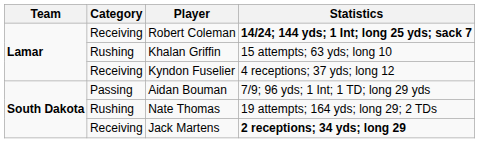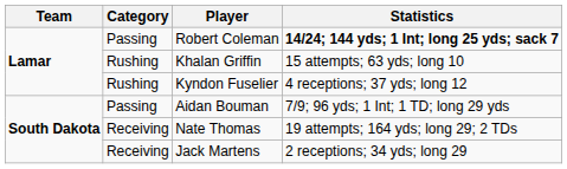 <table class="wikitable" style="float: right;">
 <tr>
 <th>Team</th>
 <th>Category</th>
 <th>Player</th>
 <th>Statistics</th>
 </tr>
 <tr>
 <td rowspan=3><strong>Lamar</strong></td>
-<td>Receiving</td>
+<td>Passing</td>
 <td>Robert Coleman</td>
 <td><strong>14/24; 144 yds; 1 Int; long 25 yds; sack 7</strong></td>
 </tr>
 <tr>
 <td>Rushing</td>
 <td>Khalan Griffin</td>
 <td>15 attempts; 63 yds; long 10</td>
 </tr>
 <tr>
-<td>Receiving</td>
+<td>Rushing</td>
 <td>Kyndon Fuselier</td>
 <td>4 receptions; 37 yds; long 12</td>
 </tr>
 <tr>
 <td rowspan=3><strong>South Dakota</strong></td>
 <td>Passing</td>
 <td>Aidan Bouman</td>
 <td>7/9; 96 yds; 1 Int; 1 TD; long 29 yds</td>
 </tr>
 <tr>
-<td>Rushing</td>
+<td>Receiving</td>
 <td>Nate Thomas</td>
 <td>19 attempts; 164 yds; long 29; 2 TDs</td>
 </tr>
 <tr>
 <td>Receiving</td>
 <td>Jack Martens</td>
-<td><strong>2 receptions; 34 yds; long 29</strong></td>
+<td>2 receptions; 34 yds; long 29</td>
 </tr>
 </table>
